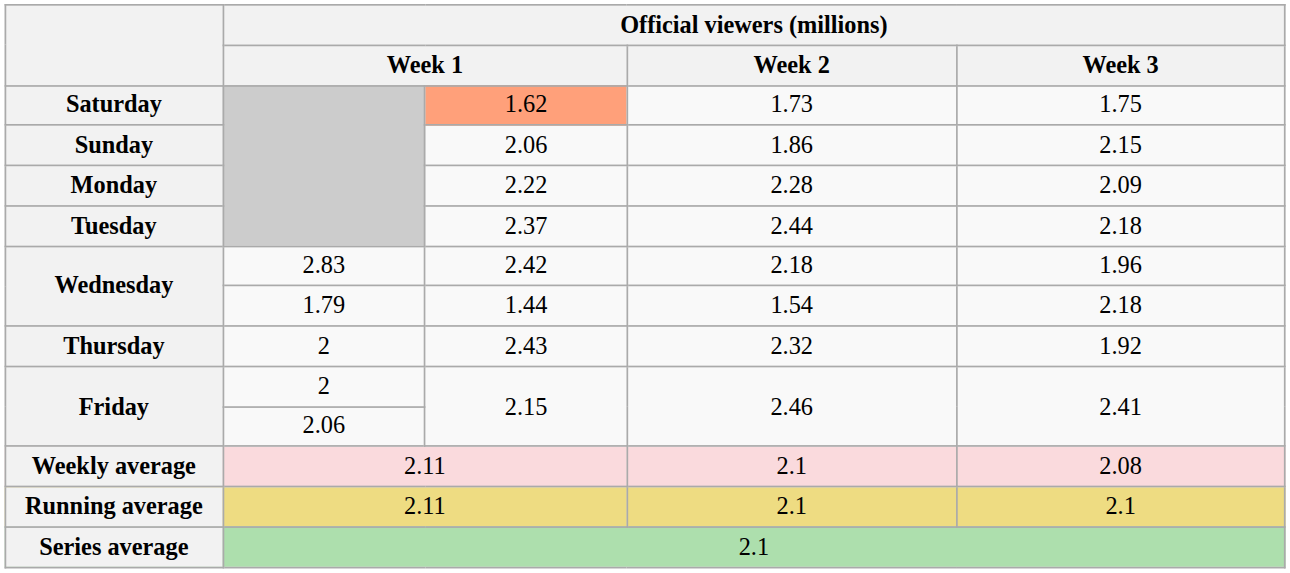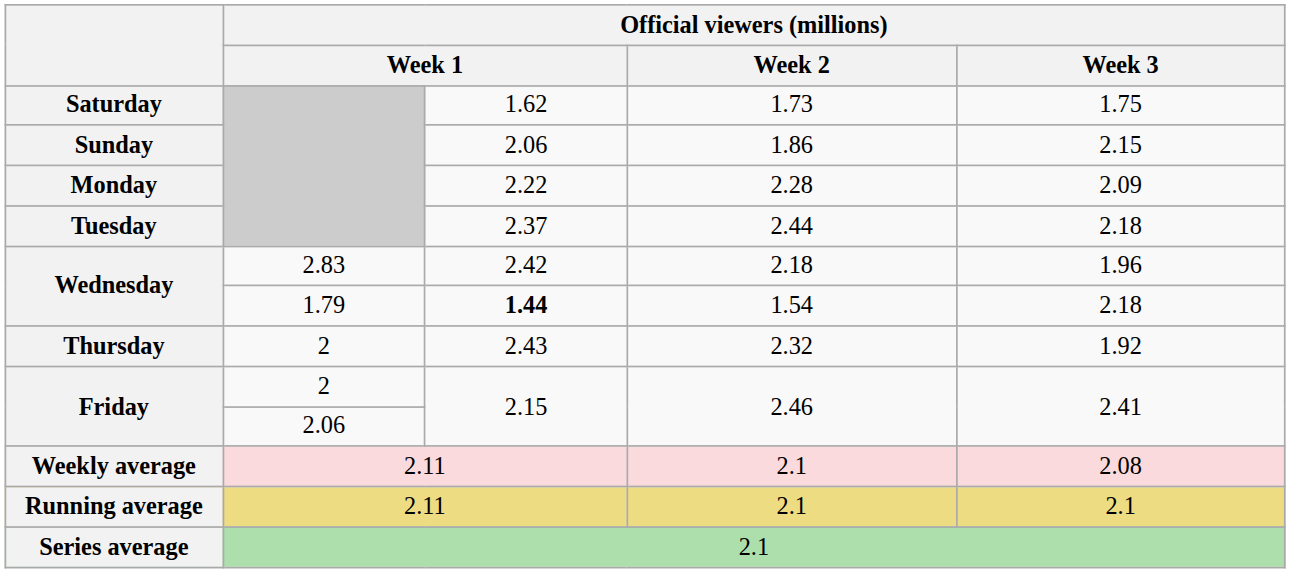 <table class="wikitable" style="font-size:90%; text-align:center; width: 60%; margin-left: auto; margin-right: auto;">
 <tr>
 <th scope="col" rowspan="2" style="width:17%;"></th>
 <th scope=col colspan=4>Official viewers (millions)</th>
 </tr>
 <tr>
 <th colspan=2>Week 1</th>
 <th>Week 2</th>
 <th>Week 3</th>
 </tr>
 <tr>
 <th>Saturday</th>
 <td style="background:#ccc;" rowspan="4"></td>
-<td style="background: lightsalmon;">1.62</td>
+<td>1.62</td>
 <td>1.73</td>
 <td>1.75</td>
 </tr>
 <tr>
 <th>Sunday</th>
 <td>2.06</td>
 <td>1.86</td>
 <td>2.15</td>
 </tr>
 <tr 19, place. Julie, eviction.>
 <th>Monday</th>
 <td>2.22</td>
 <td>2.28</td>
 <td>2.09</td>
 </tr>
 <tr>
 <th>Tuesday</th>
 <td>2.37</td>
 <td>2.44</td>
 <td>2.18</td>
 </tr>
 <tr>
 <th rowspan=2>Wednesday</th>
 <td>2.83</td>
 <td>2.42</td>
 <td>2.18</td>
 <td>1.96</td>
 </tr>
 <tr>
 <td>1.79</td>
-<td>1.44</td>
+<td><strong>1.44</strong></td>
 <td>1.54</td>
 <td>2.18</td>
 </tr>
 <tr>
 <th>Thursday</th>
 <td>2</td>
 <td>2.43</td>
 <td>2.32</td>
 <td>1.92</td>
 </tr>
 <tr>
 <th rowspan="2">Friday</th>
 <td>2</td>
 <td rowspan="2">2.15</td>
 <td rowspan="2">2.46</td>
 <td rowspan="2">2.41</td>
 </tr>
 <tr>
 <td>2.06</td>
 </tr>
 <tr style="background:#FADADD;" |>
 <th>Weekly average</th>
 <td colspan=2>2.11</td>
 <td>2.1</td>
 <td>2.08</td>
 </tr>
 <tr style="background:#EEDC82;" |>
 <th>Running average</th>
 <td colspan=2>2.11</td>
 <td>2.1</td>
 <td>2.1</td>
 </tr>
 <tr style="background:#ADDFAD;" |>
 <th>Series average</th>
 <td colspan="4">2.1</td>
 </tr>
 </table>
